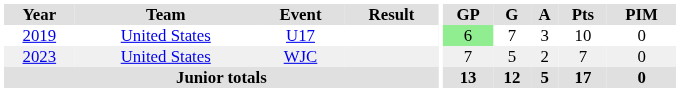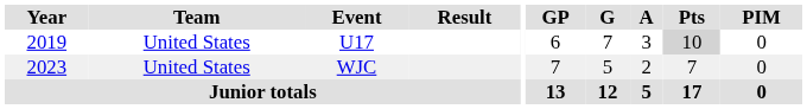 <table border="0" cellpadding="1" cellspacing="0" ID="Table3" style="text-align:center; width:40em">
 <tr bgcolor="#e0e0e0">
 <th>Year</th>
 <th>Team</th>
 <th>Event</th>
 <th>Result</th>
 <th rowspan="99" bgcolor="#ffffff"></th>
 <th>GP</th>
 <th>G</th>
 <th>A</th>
 <th>Pts</th>
 <th>PIM</th>
 </tr>
 <tr>
 <td><a href='#'>2019</a></td>
 <td><a href='#'>United States</a></td>
 <td><a href='#'>U17</a></td>
 <td></td>
-<td style="background: lightgreen;">6</td>
+<td>6</td>
 <td>7</td>
 <td>3</td>
-<td>10</td>
+<td style="background: lightgrey;">10</td>
 <td>0</td>
 </tr>
 <tr bgcolor="#f0f0f0">
 <td><a href='#'>2023</a></td>
 <td><a href='#'>United States</a></td>
 <td><a href='#'>WJC</a></td>
 <td></td>
 <td>7</td>
 <td>5</td>
 <td>2</td>
 <td>7</td>
 <td>0</td>
 </tr>
 <tr bgcolor="#e0e0e0">
 <th colspan="4">Junior totals</th>
 <th>13</th>
 <th>12</th>
 <th>5</th>
 <th>17</th>
 <th>0</th>
 </tr>
 </table>
